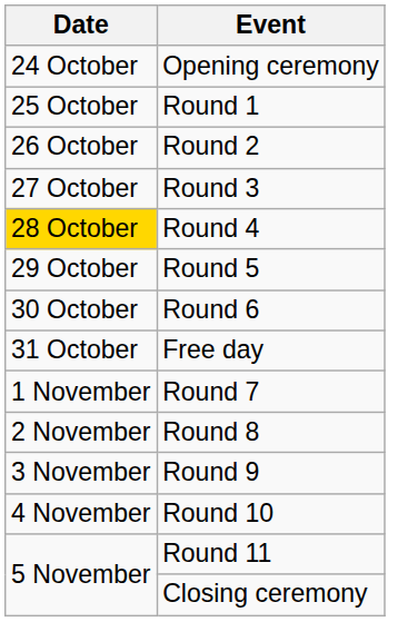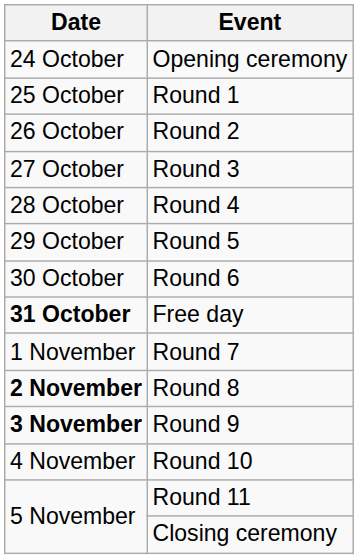 <table class="wikitable">
 <tr>
 <th>Date</th>
 <th>Event</th>
 </tr>
 <tr>
 <td>24 October</td>
 <td>Opening ceremony</td>
 </tr>
 <tr>
 <td>25 October</td>
 <td>Round 1</td>
 </tr>
 <tr>
 <td>26 October</td>
 <td>Round 2</td>
 </tr>
 <tr>
 <td>27 October</td>
 <td>Round 3</td>
 </tr>
 <tr>
-<td style="background: gold;">28 October</td>
+<td>28 October</td>
 <td>Round 4</td>
 </tr>
 <tr>
 <td>29 October</td>
 <td>Round 5</td>
 </tr>
 <tr>
 <td>30 October</td>
 <td>Round 6</td>
 </tr>
 <tr>
-<td>31 October</td>
+<td><strong>31 October</strong></td>
 <td>Free day</td>
 </tr>
 <tr>
 <td>1 November</td>
 <td>Round 7</td>
 </tr>
 <tr>
-<td>2 November</td>
+<td><strong>2 November</strong></td>
 <td>Round 8</td>
 </tr>
 <tr>
-<td>3 November</td>
+<td><strong>3 November</strong></td>
 <td>Round 9</td>
 </tr>
 <tr>
 <td>4 November</td>
 <td>Round 10</td>
 </tr>
 <tr>
 <td rowspan="2">5 November</td>
 <td>Round 11</td>
 </tr>
 <tr>
 <td>Closing ceremony</td>
 </tr>
 </table>
